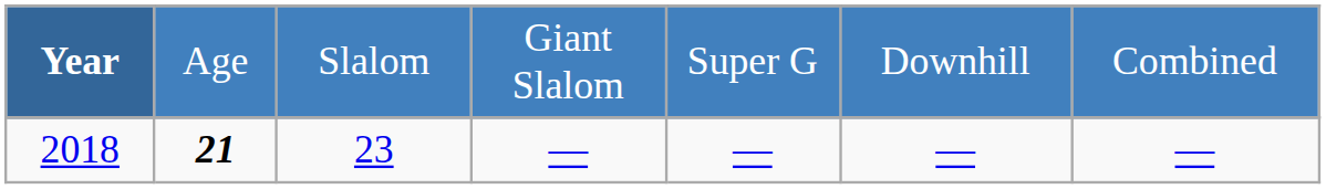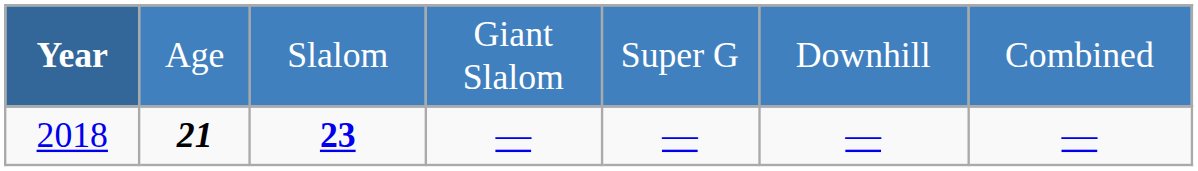 <table class="wikitable" style="font-size:95%; text-align:center; border:grey solid 1px; border-collapse:collapse;" width="40%">
 <tr style="background-color:#369; color:white;">
 <td rowspan="2" colspan="1" width="4%"><strong>Year</strong></td>
 </tr>
 <tr style="background-color:#4180be; color:white;">
 <td width="3%">Age</td>
 <td width="5%">Slalom</td>
 <td width="5%">Giant<br>Slalom</td>
 <td width="5%">Super G</td>
 <td width="5%">Downhill</td>
 <td width="5%">Combined</td>
 </tr>
 <tr style="background-color:#8CB2D8; color:white;">
 </tr>
 <tr>
 <td><a href='#'>2018</a></td>
 <td><strong><em>21</em></strong></td>
-<td><a href='#'>23</a></td>
+<td><strong><a href='#'>23</a></strong></td>
 <td><a href='#'>—</a></td>
 <td><a href='#'>—</a></td>
 <td><a href='#'>—</a></td>
 <td><a href='#'>—</a></td>
 </tr>
 </table>
